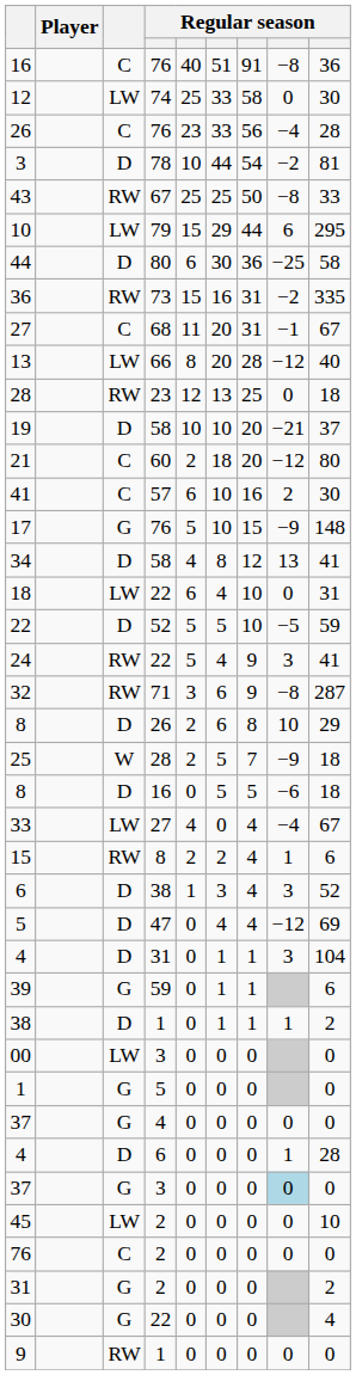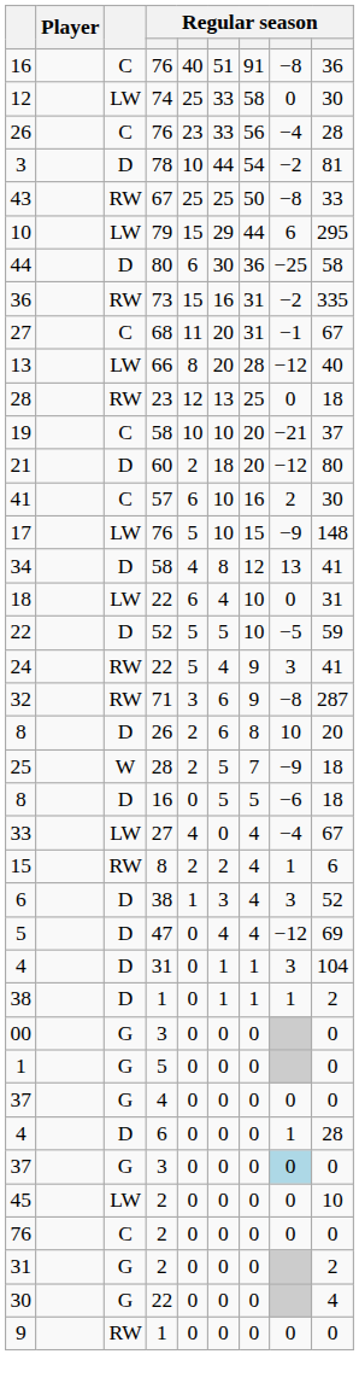 <table class="wikitable sortable plainrowheaders" style="text-align:center;">
 <tr>
 <th scope="col" data-sort-type="number" rowspan="2"></th>
 <th scope="col" rowspan="2">Player</th>
 <th scope="col" rowspan="2"></th>
 <th scope=colgroup colspan=6>Regular season</th>
 </tr>
 <tr>
 <th scope="col" data-sort-type="number"></th>
 <th scope="col" data-sort-type="number"></th>
 <th scope="col" data-sort-type="number"></th>
 <th scope="col" data-sort-type="number"></th>
 <th scope="col" data-sort-type="number"></th>
 <th scope="col" data-sort-type="number"></th>
 </tr>
 <tr>
 <td scope="row">16</td>
 <td align="left"></td>
 <td>C</td>
 <td>76</td>
 <td>40</td>
 <td>51</td>
 <td>91</td>
 <td>−8</td>
 <td>36</td>
 </tr>
 <tr>
 <td scope="row">12</td>
 <td align="left"></td>
 <td>LW</td>
 <td>74</td>
 <td>25</td>
 <td>33</td>
 <td>58</td>
 <td>0</td>
 <td>30</td>
 </tr>
 <tr>
 <td scope="row">26</td>
 <td align="left"></td>
 <td>C</td>
 <td>76</td>
 <td>23</td>
 <td>33</td>
 <td>56</td>
 <td>−4</td>
 <td>28</td>
 </tr>
 <tr>
 <td scope="row">3</td>
 <td align="left"></td>
 <td>D</td>
 <td>78</td>
 <td>10</td>
 <td>44</td>
 <td>54</td>
 <td>−2</td>
 <td>81</td>
 </tr>
 <tr>
 <td scope="row">43</td>
 <td align="left"></td>
 <td>RW</td>
 <td>67</td>
 <td>25</td>
 <td>25</td>
 <td>50</td>
 <td>−8</td>
 <td>33</td>
 </tr>
 <tr>
 <td scope="row">10</td>
 <td align="left"></td>
 <td>LW</td>
 <td>79</td>
 <td>15</td>
 <td>29</td>
 <td>44</td>
 <td>6</td>
 <td>295</td>
 </tr>
 <tr>
 <td scope="row">44</td>
 <td align="left"></td>
 <td>D</td>
 <td>80</td>
 <td>6</td>
 <td>30</td>
 <td>36</td>
 <td>−25</td>
 <td>58</td>
 </tr>
 <tr>
 <td scope="row">36</td>
 <td align="left"></td>
 <td>RW</td>
 <td>73</td>
 <td>15</td>
 <td>16</td>
 <td>31</td>
 <td>−2</td>
 <td>335</td>
 </tr>
 <tr>
 <td scope="row">27</td>
 <td align="left"></td>
 <td>C</td>
 <td>68</td>
 <td>11</td>
 <td>20</td>
 <td>31</td>
 <td>−1</td>
 <td>67</td>
 </tr>
 <tr>
 <td scope="row">13</td>
 <td align="left"></td>
 <td>LW</td>
 <td>66</td>
 <td>8</td>
 <td>20</td>
 <td>28</td>
 <td>−12</td>
 <td>40</td>
 </tr>
 <tr>
 <td scope="row">28</td>
 <td align="left"></td>
 <td>RW</td>
 <td>23</td>
 <td>12</td>
 <td>13</td>
 <td>25</td>
 <td>0</td>
 <td>18</td>
 </tr>
 <tr>
 <td scope="row">19</td>
 <td align="left"></td>
-<td>D</td>
+<td>C</td>
 <td>58</td>
 <td>10</td>
 <td>10</td>
 <td>20</td>
 <td>−21</td>
 <td>37</td>
 </tr>
 <tr>
 <td scope="row">21</td>
 <td align="left"></td>
-<td>C</td>
+<td>D</td>
 <td>60</td>
 <td>2</td>
 <td>18</td>
 <td>20</td>
 <td>−12</td>
 <td>80</td>
 </tr>
 <tr>
 <td scope="row">41</td>
 <td align="left"></td>
 <td>C</td>
 <td>57</td>
 <td>6</td>
 <td>10</td>
 <td>16</td>
 <td>2</td>
 <td>30</td>
 </tr>
 <tr>
 <td scope="row">17</td>
 <td align="left"></td>
-<td>G</td>
+<td>LW</td>
 <td>76</td>
 <td>5</td>
 <td>10</td>
 <td>15</td>
 <td>−9</td>
 <td>148</td>
 </tr>
 <tr>
 <td scope="row">34</td>
 <td align="left"></td>
 <td>D</td>
 <td>58</td>
 <td>4</td>
 <td>8</td>
 <td>12</td>
 <td>13</td>
 <td>41</td>
 </tr>
 <tr>
 <td scope="row">18</td>
 <td align="left"></td>
 <td>LW</td>
 <td>22</td>
 <td>6</td>
 <td>4</td>
 <td>10</td>
 <td>0</td>
 <td>31</td>
 </tr>
 <tr>
 <td scope="row">22</td>
 <td align="left"></td>
 <td>D</td>
 <td>52</td>
 <td>5</td>
 <td>5</td>
 <td>10</td>
 <td>−5</td>
 <td>59</td>
 </tr>
 <tr>
 <td scope="row">24</td>
 <td align="left"></td>
 <td>RW</td>
 <td>22</td>
 <td>5</td>
 <td>4</td>
 <td>9</td>
 <td>3</td>
 <td>41</td>
 </tr>
 <tr>
 <td scope="row">32</td>
 <td align="left"></td>
 <td>RW</td>
 <td>71</td>
 <td>3</td>
 <td>6</td>
 <td>9</td>
 <td>−8</td>
 <td>287</td>
 </tr>
 <tr>
 <td scope="row">8</td>
 <td align="left"></td>
 <td>D</td>
 <td>26</td>
 <td>2</td>
 <td>6</td>
 <td>8</td>
 <td>10</td>
-<td>29</td>
+<td>20</td>
 </tr>
 <tr>
 <td scope="row">25</td>
 <td align="left"></td>
 <td>W</td>
 <td>28</td>
 <td>2</td>
 <td>5</td>
 <td>7</td>
 <td>−9</td>
 <td>18</td>
 </tr>
 <tr>
 <td scope="row">8</td>
 <td align="left"></td>
 <td>D</td>
 <td>16</td>
 <td>0</td>
 <td>5</td>
 <td>5</td>
 <td>−6</td>
 <td>18</td>
 </tr>
 <tr>
 <td scope="row">33</td>
 <td align="left"></td>
 <td>LW</td>
 <td>27</td>
 <td>4</td>
 <td>0</td>
 <td>4</td>
 <td>−4</td>
 <td>67</td>
 </tr>
 <tr>
 <td scope="row">15</td>
 <td align="left"></td>
 <td>RW</td>
 <td>8</td>
 <td>2</td>
 <td>2</td>
 <td>4</td>
 <td>1</td>
 <td>6</td>
 </tr>
 <tr>
 <td scope="row">6</td>
 <td align="left"></td>
 <td>D</td>
 <td>38</td>
 <td>1</td>
 <td>3</td>
 <td>4</td>
 <td>3</td>
 <td>52</td>
 </tr>
 <tr>
 <td scope="row">5</td>
 <td align="left"></td>
 <td>D</td>
 <td>47</td>
 <td>0</td>
 <td>4</td>
 <td>4</td>
 <td>−12</td>
 <td>69</td>
 </tr>
 <tr>
 <td scope="row">4</td>
 <td align="left"></td>
 <td>D</td>
 <td>31</td>
 <td>0</td>
 <td>1</td>
 <td>1</td>
 <td>3</td>
 <td>104</td>
 </tr>
 <tr>
-<td scope="row">39</td>
-<td align="left"></td>
-<td>G</td>
-<td>59</td>
-<td>0</td>
-<td>1</td>
-<td>1</td>
-<td style="background:#ccc"></td>
-<td>6</td>
-</tr>
-<tr>
 <td scope="row">38</td>
 <td align="left"></td>
 <td>D</td>
 <td>1</td>
 <td>0</td>
 <td>1</td>
 <td>1</td>
 <td>1</td>
 <td>2</td>
 </tr>
 <tr>
 <td scope="row">00</td>
 <td align="left"></td>
-<td>LW</td>
+<td>G</td>
 <td>3</td>
 <td>0</td>
 <td>0</td>
 <td>0</td>
 <td style="background:#ccc"></td>
 <td>0</td>
 </tr>
 <tr>
 <td scope="row">1</td>
 <td align="left"></td>
 <td>G</td>
 <td>5</td>
 <td>0</td>
 <td>0</td>
 <td>0</td>
 <td style="background:#ccc"></td>
 <td>0</td>
 </tr>
 <tr>
 <td scope="row">37</td>
 <td align="left"></td>
 <td>G</td>
 <td>4</td>
 <td>0</td>
 <td>0</td>
 <td>0</td>
 <td>0</td>
 <td>0</td>
 </tr>
 <tr>
 <td scope="row">4</td>
 <td align="left"></td>
 <td>D</td>
 <td>6</td>
 <td>0</td>
 <td>0</td>
 <td>0</td>
 <td>1</td>
 <td>28</td>
 </tr>
 <tr>
 <td scope="row">37</td>
 <td align="left"></td>
 <td>G</td>
 <td>3</td>
 <td>0</td>
 <td>0</td>
 <td>0</td>
 <td style="background: lightblue;">0</td>
 <td>0</td>
 </tr>
 <tr>
 <td scope="row">45</td>
 <td align="left"></td>
 <td>LW</td>
 <td>2</td>
 <td>0</td>
 <td>0</td>
 <td>0</td>
 <td>0</td>
 <td>10</td>
 </tr>
 <tr>
 <td scope="row">76</td>
 <td align="left"></td>
 <td>C</td>
 <td>2</td>
 <td>0</td>
 <td>0</td>
 <td>0</td>
 <td>0</td>
 <td>0</td>
 </tr>
 <tr>
 <td scope="row">31</td>
 <td align="left"></td>
 <td>G</td>
 <td>2</td>
 <td>0</td>
 <td>0</td>
 <td>0</td>
 <td style="background:#ccc"></td>
 <td>2</td>
 </tr>
 <tr>
 <td scope="row">30</td>
 <td align="left"></td>
 <td>G</td>
 <td>22</td>
 <td>0</td>
 <td>0</td>
 <td>0</td>
 <td style="background:#ccc"></td>
 <td>4</td>
 </tr>
 <tr>
 <td scope="row">9</td>
 <td align="left"></td>
 <td>RW</td>
 <td>1</td>
 <td>0</td>
 <td>0</td>
 <td>0</td>
 <td>0</td>
 <td>0</td>
 </tr>
 </table>
